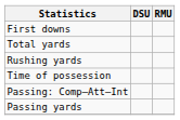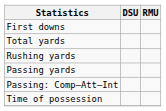 <table class="wikitable" style="float: left;">
 <tr>
 <th>Statistics</th>
 <th>DSU</th>
 <th>RMU</th>
 </tr>
 <tr>
 <td>First downs</td>
 <td></td>
 <td></td>
 </tr>
 <tr>
 <td>Total yards</td>
 <td></td>
 <td></td>
 </tr>
 <tr>
 <td>Rushing yards</td>
 <td></td>
 <td></td>
 </tr>
 <tr>
-<td>Time of possession</td>
+<td>Passing yards</td>
 <td></td>
 <td></td>
 </tr>
 <tr>
 <td>Passing: Comp–Att–Int</td>
 <td></td>
 <td></td>
 </tr>
 <tr>
-<td>Passing yards</td>
+<td>Time of possession</td>
 <td></td>
 <td></td>
 </tr>
 <tr>
 </tr>
 </table>
